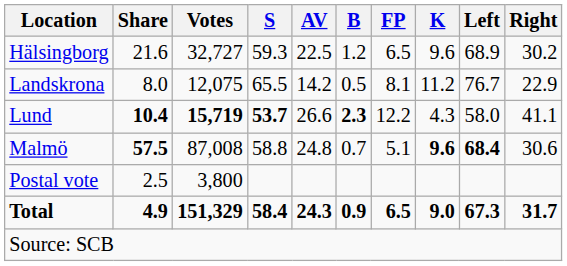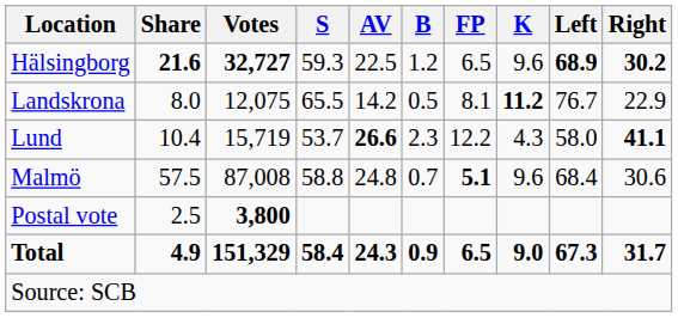 <table class="wikitable sortable" style=text-align:right>
 <tr>
 <th>Location</th>
 <th>Share</th>
 <th>Votes</th>
 <th><a href='#'>S</a></th>
 <th><a href='#'>AV</a></th>
 <th><a href='#'>B</a></th>
 <th><a href='#'>FP</a></th>
 <th><a href='#'>K</a></th>
 <th>Left</th>
 <th>Right</th>
 </tr>
 <tr>
 <td align=left><a href='#'>Hälsingborg</a></td>
-<td>21.6</td>
-<td>32,727</td>
+<td><strong>21.6</strong></td>
+<td><strong>32,727</strong></td>
 <td>59.3</td>
 <td>22.5</td>
 <td>1.2</td>
 <td>6.5</td>
 <td>9.6</td>
-<td>68.9</td>
-<td>30.2</td>
+<td><strong>68.9</strong></td>
+<td><strong>30.2</strong></td>
 </tr>
 <tr>
 <td align=left><a href='#'>Landskrona</a></td>
 <td>8.0</td>
 <td>12,075</td>
 <td>65.5</td>
 <td>14.2</td>
 <td>0.5</td>
 <td>8.1</td>
-<td>11.2</td>
+<td><strong>11.2</strong></td>
 <td>76.7</td>
 <td>22.9</td>
 </tr>
 <tr>
 <td align=left><a href='#'>Lund</a></td>
-<td><strong>10.4</strong></td>
-<td><strong>15,719</strong></td>
-<td><strong>53.7</strong></td>
-<td>26.6</td>
-<td><strong>2.3</strong></td>
+<td>10.4</td>
+<td>15,719</td>
+<td>53.7</td>
+<td><strong>26.6</strong></td>
+<td>2.3</td>
 <td>12.2</td>
 <td>4.3</td>
 <td>58.0</td>
-<td>41.1</td>
+<td><strong>41.1</strong></td>
 </tr>
 <tr>
 <td align=left><a href='#'>Malmö</a></td>
-<td><strong>57.5</strong></td>
+<td>57.5</td>
 <td>87,008</td>
 <td>58.8</td>
 <td>24.8</td>
 <td>0.7</td>
-<td>5.1</td>
-<td><strong>9.6</strong></td>
-<td><strong>68.4</strong></td>
+<td><strong>5.1</strong></td>
+<td>9.6</td>
+<td>68.4</td>
 <td>30.6</td>
 </tr>
 <tr>
 <td align=left><a href='#'>Postal vote</a></td>
 <td>2.5</td>
-<td>3,800</td>
+<td><strong>3,800</strong></td>
 <td></td>
 <td></td>
 <td></td>
 <td></td>
 <td></td>
 <td></td>
 <td></td>
 </tr>
 <tr>
 <td align=left><strong>Total</strong></td>
 <td><strong>4.9</strong></td>
 <td><strong>151,329</strong></td>
 <td><strong>58.4</strong></td>
 <td><strong>24.3</strong></td>
 <td><strong>0.9</strong></td>
 <td><strong>6.5</strong></td>
 <td><strong>9.0</strong></td>
 <td><strong>67.3</strong></td>
 <td><strong>31.7</strong></td>
 </tr>
 <tr>
 <td align=left colspan=10>Source: SCB </td>
 </tr>
 </table>
